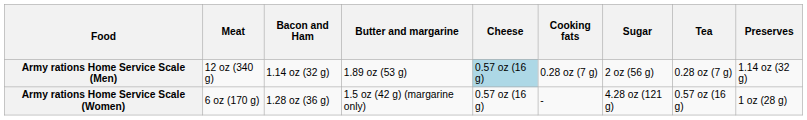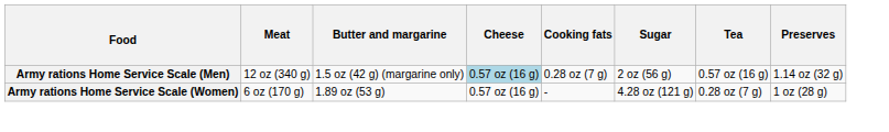 <table class="wikitable">
 <tr>
 <th><br><h4>Food</h4></th>
 <th>Meat</th>
-<th>Bacon and Ham</th>
 <th>Butter and margarine</th>
 <th>Cheese</th>
 <th>Cooking fats</th>
 <th>Sugar</th>
 <th>Tea</th>
 <th>Preserves</th>
 </tr>
 <tr>
 <th>Army rations Home Service Scale (Men)</th>
 <td>12 oz (340 g)</td>
-<td>1.14 oz (32 g)</td>
-<td>1.89 oz (53 g)</td>
+<td>1.5 oz (42 g) (margarine only)</td>
 <td style="background: lightblue;">0.57 oz (16 g)</td>
 <td>0.28 oz (7 g)</td>
 <td>2 oz (56 g)</td>
-<td>0.28 oz (7 g)</td>
+<td>0.57 oz (16 g)</td>
 <td>1.14 oz (32 g)</td>
 </tr>
 <tr>
 <th>Army rations Home Service Scale (Women)</th>
 <td>6 oz (170 g)</td>
-<td>1.28 oz (36 g)</td>
-<td>1.5 oz (42 g) (margarine only)</td>
+<td>1.89 oz (53 g)</td>
 <td>0.57 oz (16 g)</td>
 <td>-</td>
 <td>4.28 oz (121 g)</td>
-<td>0.57 oz (16 g)</td>
+<td>0.28 oz (7 g)</td>
 <td>1 oz (28 g)</td>
 </tr>
 </table>
